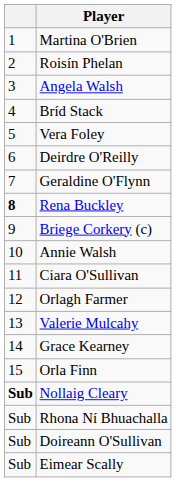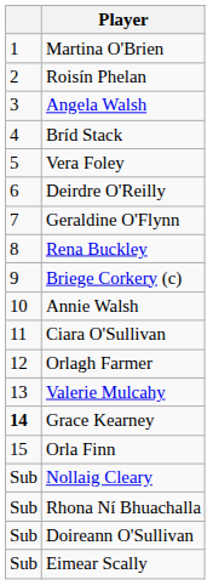 <table class="wikitable collapsible">
 <tr>
 <th></th>
 <th>Player</th>
 </tr>
 <tr 15B.C>
 <td>1</td>
 <td>Martina O'Brien</td>
 </tr>
 <tr>
 <td>2</td>
 <td>Roisín Phelan</td>
 </tr>
 <tr>
 <td>3</td>
 <td><a href='#'>Angela Walsh</a></td>
 </tr>
 <tr>
 <td>4</td>
 <td>Bríd Stack</td>
 </tr>
 <tr>
 <td>5</td>
 <td>Vera Foley</td>
 </tr>
 <tr>
 <td>6</td>
 <td>Deirdre O'Reilly</td>
 </tr>
 <tr>
 <td>7</td>
 <td>Geraldine O'Flynn</td>
 </tr>
 <tr>
-<td><strong>8</strong></td>
+<td>8</td>
 <td><a href='#'>Rena Buckley</a></td>
 </tr>
 <tr>
 <td>9</td>
 <td><a href='#'>Briege Corkery</a> (c)</td>
 </tr>
 <tr>
 <td>10</td>
 <td>Annie Walsh</td>
 </tr>
 <tr>
 <td>11</td>
 <td>Ciara O'Sullivan</td>
 </tr>
 <tr>
 <td>12</td>
 <td>Orlagh Farmer</td>
 </tr>
 <tr>
 <td>13</td>
 <td><a href='#'>Valerie Mulcahy</a></td>
 </tr>
 <tr>
-<td>14</td>
+<td><strong>14</strong></td>
 <td>Grace Kearney</td>
 </tr>
 <tr>
 <td>15</td>
 <td>Orla Finn</td>
 </tr>
 <tr>
-<td><strong>Sub</strong></td>
+<td>Sub</td>
 <td><a href='#'>Nollaig Cleary</a></td>
 </tr>
 <tr>
 <td>Sub</td>
 <td>Rhona Ní Bhuachalla</td>
 </tr>
 <tr>
 <td>Sub</td>
 <td>Doireann O'Sullivan</td>
 </tr>
 <tr>
 <td>Sub</td>
 <td>Eimear Scally</td>
 </tr>
 </table>
